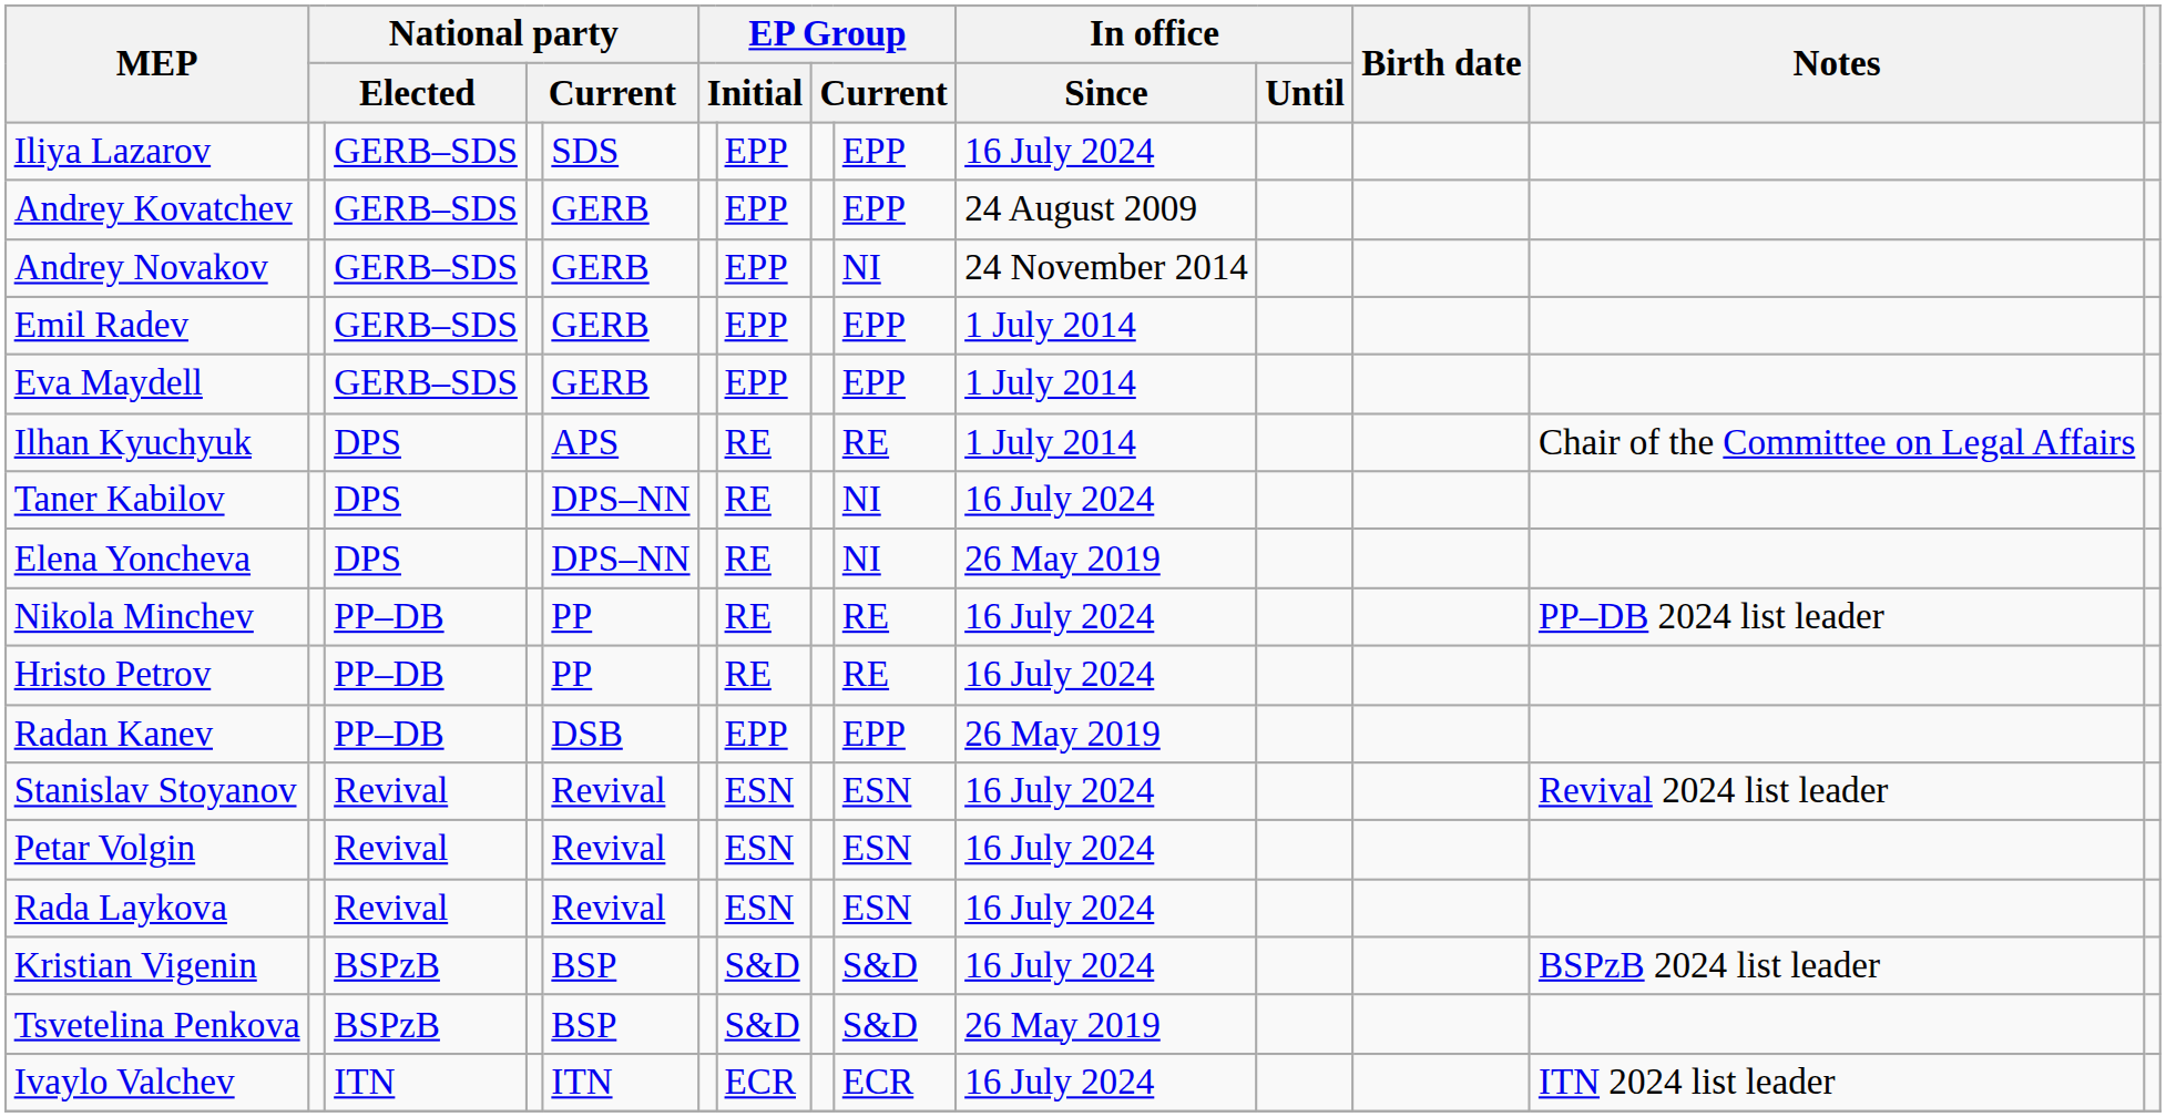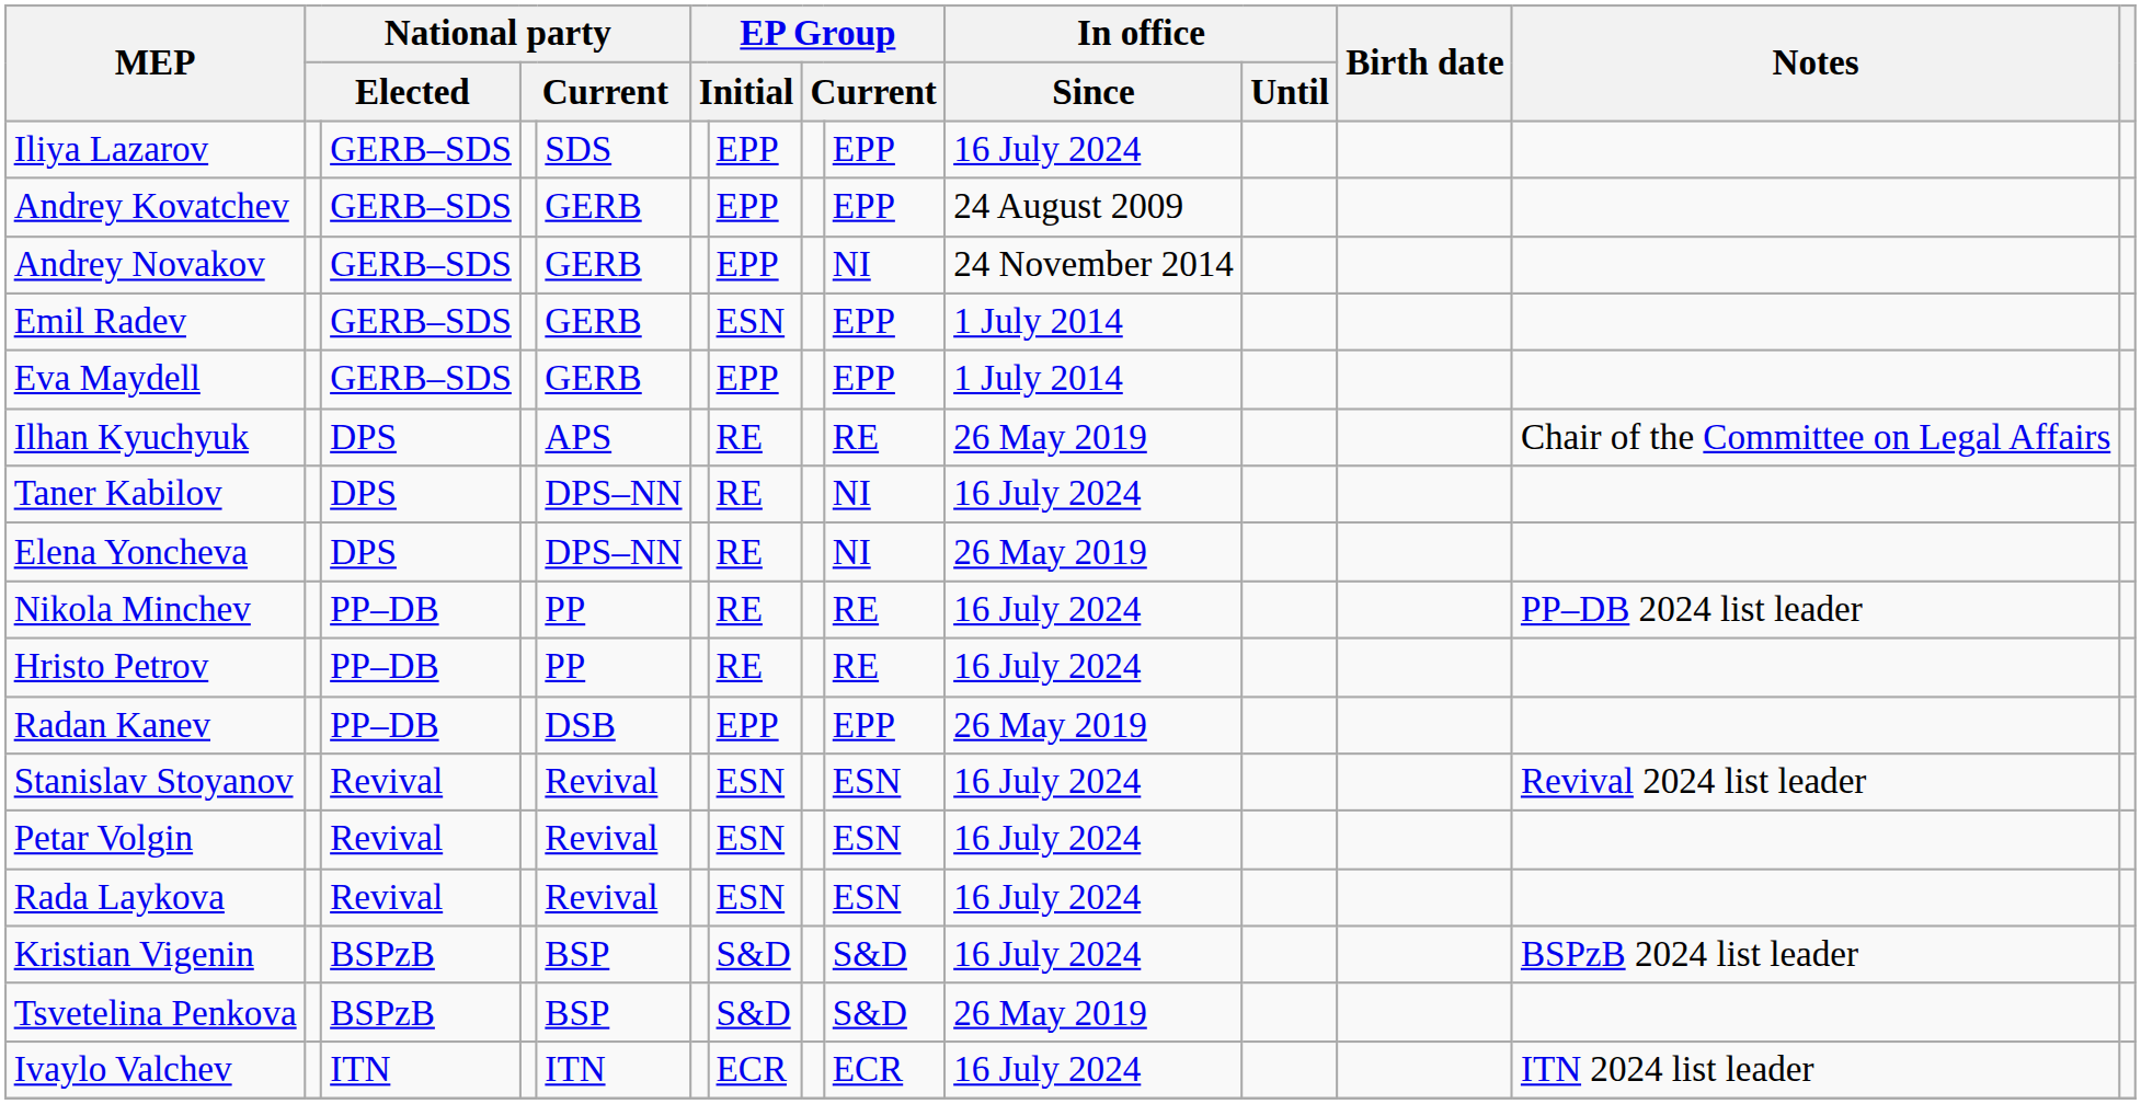 <table class="wikitable sortable" style="text-align:left">
 <tr>
 <th rowspan="2">MEP</th>
 <th colspan="4">National party</th>
 <th colspan="4"><a href='#'>EP Group</a></th>
 <th colspan="2">In office</th>
 <th rowspan="2">Birth date</th>
 <th rowspan="2">Notes</th>
 <th rowspan="2" class="unsortable"></th>
 </tr>
 <tr>
 <th colspan="2">Elected</th>
 <th colspan="2">Current</th>
 <th colspan="2">Initial</th>
 <th colspan="2">Current</th>
 <th>Since</th>
 <th>Until</th>
 </tr>
 <tr>
 <td><a href='#'>Iliya Lazarov</a></td>
 <td style="background: "></td>
 <td><a href='#'>GERB–SDS</a></td>
 <td style="background: "></td>
 <td><a href='#'>SDS</a></td>
 <td style="background: "></td>
 <td><a href='#'>EPP</a></td>
 <td style="background: "></td>
 <td><a href='#'>EPP</a></td>
 <td><a href='#'>16 July 2024</a></td>
 <td></td>
 <td></td>
 <td></td>
 <td></td>
 </tr>
 <tr>
 <td><a href='#'>Andrey Kovatchev</a></td>
 <td style="background: "></td>
 <td><a href='#'>GERB–SDS</a></td>
 <td style="background: "></td>
 <td><a href='#'>GERB</a></td>
 <td style="background: "></td>
 <td><a href='#'>EPP</a></td>
 <td style="background: "></td>
 <td><a href='#'>EPP</a></td>
 <td>24 August 2009</td>
 <td></td>
 <td></td>
 <td></td>
 <td></td>
 </tr>
 <tr>
 <td><a href='#'>Andrey Novakov</a></td>
 <td style="background: "></td>
 <td><a href='#'>GERB–SDS</a></td>
 <td style="background: "></td>
 <td><a href='#'>GERB</a></td>
 <td style="background: "></td>
 <td><a href='#'>EPP</a></td>
 <td style="background: "></td>
 <td><a href='#'>NI</a></td>
 <td>24 November 2014</td>
 <td></td>
 <td></td>
 <td></td>
 <td></td>
 </tr>
 <tr>
 <td><a href='#'>Emil Radev</a></td>
 <td style="background: "></td>
 <td><a href='#'>GERB–SDS</a></td>
 <td style="background: "></td>
 <td><a href='#'>GERB</a></td>
 <td style="background: "></td>
-<td><a href='#'>EPP</a></td>
+<td><a href='#'>ESN</a></td>
 <td style="background: "></td>
 <td><a href='#'>EPP</a></td>
 <td><a href='#'>1 July 2014</a></td>
 <td></td>
 <td></td>
 <td></td>
 <td></td>
 </tr>
 <tr>
 <td><a href='#'>Eva Maydell</a></td>
 <td style="background: "></td>
 <td><a href='#'>GERB–SDS</a></td>
 <td style="background: "></td>
 <td><a href='#'>GERB</a></td>
 <td style="background: "></td>
 <td><a href='#'>EPP</a></td>
 <td style="background: "></td>
 <td><a href='#'>EPP</a></td>
 <td><a href='#'>1 July 2014</a></td>
 <td></td>
 <td></td>
 <td></td>
 <td></td>
 </tr>
 <tr>
 <td><a href='#'>Ilhan Kyuchyuk</a></td>
 <td style="background: "></td>
 <td><a href='#'>DPS</a></td>
 <td style="background: "></td>
 <td><a href='#'>APS</a></td>
 <td style="background: "></td>
 <td><a href='#'>RE</a></td>
 <td style="background: "></td>
 <td><a href='#'>RE</a></td>
-<td><a href='#'>1 July 2014</a></td>
+<td><a href='#'>26 May 2019</a></td>
 <td></td>
 <td></td>
 <td>Chair of the <a href='#'>Committee on Legal Affairs</a></td>
 <td></td>
 </tr>
 <tr>
 <td><a href='#'>Taner Kabilov</a></td>
 <td style="background: "></td>
 <td><a href='#'>DPS</a></td>
 <td style="background: "></td>
 <td><a href='#'>DPS–NN</a></td>
 <td style="background: "></td>
 <td><a href='#'>RE</a></td>
 <td style="background: "></td>
 <td><a href='#'>NI</a></td>
 <td><a href='#'>16 July 2024</a></td>
 <td></td>
 <td></td>
 <td></td>
 <td></td>
 </tr>
 <tr>
 <td><a href='#'>Elena Yoncheva</a></td>
 <td style="background: "></td>
 <td><a href='#'>DPS</a></td>
 <td style="background: "></td>
 <td><a href='#'>DPS–NN</a></td>
 <td style="background: "></td>
 <td><a href='#'>RE</a></td>
 <td style="background: "></td>
 <td><a href='#'>NI</a></td>
 <td><a href='#'>26 May 2019</a></td>
 <td></td>
 <td></td>
 <td></td>
 <td></td>
 </tr>
 <tr>
 <td><a href='#'>Nikola Minchev</a></td>
 <td style="background: "></td>
 <td><a href='#'>PP–DB</a></td>
 <td style="background: "></td>
 <td><a href='#'>PP</a></td>
 <td style="background: "></td>
 <td><a href='#'>RE</a></td>
 <td style="background: "></td>
 <td><a href='#'>RE</a></td>
 <td><a href='#'>16 July 2024</a></td>
 <td></td>
 <td></td>
 <td><a href='#'>PP–DB</a> 2024 list leader</td>
 <td></td>
 </tr>
 <tr>
 <td><a href='#'>Hristo Petrov</a></td>
 <td style="background: "></td>
 <td><a href='#'>PP–DB</a></td>
 <td style="background: "></td>
 <td><a href='#'>PP</a></td>
 <td style="background: "></td>
 <td><a href='#'>RE</a></td>
 <td style="background: "></td>
 <td><a href='#'>RE</a></td>
 <td><a href='#'>16 July 2024</a></td>
 <td></td>
 <td></td>
 <td></td>
 <td></td>
 </tr>
 <tr>
 <td><a href='#'>Radan Kanev</a></td>
 <td style="background: "></td>
 <td><a href='#'>PP–DB</a></td>
 <td style="background:"></td>
 <td><a href='#'>DSB</a></td>
 <td style="background: "></td>
 <td><a href='#'>EPP</a></td>
 <td style="background: "></td>
 <td><a href='#'>EPP</a></td>
 <td><a href='#'>26 May 2019</a></td>
 <td></td>
 <td></td>
 <td></td>
 <td></td>
 </tr>
 <tr>
 <td><a href='#'>Stanislav Stoyanov</a></td>
 <td style="background: "></td>
 <td><a href='#'>Revival</a></td>
 <td style="background: "></td>
 <td><a href='#'>Revival</a></td>
 <td style="background: "></td>
 <td><a href='#'>ESN</a></td>
 <td style="background: "></td>
 <td><a href='#'>ESN</a></td>
 <td><a href='#'>16 July 2024</a></td>
 <td></td>
 <td></td>
 <td><a href='#'>Revival</a> 2024 list leader</td>
 <td></td>
 </tr>
 <tr>
 <td><a href='#'>Petar Volgin</a></td>
 <td style="background: "></td>
 <td><a href='#'>Revival</a></td>
 <td style="background: "></td>
 <td><a href='#'>Revival</a></td>
 <td style="background: "></td>
 <td><a href='#'>ESN</a></td>
 <td style="background: "></td>
 <td><a href='#'>ESN</a></td>
 <td><a href='#'>16 July 2024</a></td>
 <td></td>
 <td></td>
 <td></td>
 <td></td>
 </tr>
 <tr>
 <td><a href='#'>Rada Laykova</a></td>
 <td style="background: "></td>
 <td><a href='#'>Revival</a></td>
 <td style="background: "></td>
 <td><a href='#'>Revival</a></td>
 <td style="background: "></td>
 <td><a href='#'>ESN</a></td>
 <td style="background: "></td>
 <td><a href='#'>ESN</a></td>
 <td><a href='#'>16 July 2024</a></td>
 <td></td>
 <td></td>
 <td></td>
 <td></td>
 </tr>
 <tr>
 <td><a href='#'>Kristian Vigenin</a></td>
 <td style="background: "></td>
 <td><a href='#'>BSPzB</a></td>
 <td style="background: "></td>
 <td><a href='#'>BSP</a></td>
 <td style="background: "></td>
 <td><a href='#'>S&D</a></td>
 <td style="background: "></td>
 <td><a href='#'>S&D</a></td>
 <td><a href='#'>16 July 2024</a></td>
 <td></td>
 <td></td>
 <td><a href='#'>BSPzB</a> 2024 list leader</td>
 <td></td>
 </tr>
 <tr>
 <td><a href='#'>Tsvetelina Penkova</a></td>
 <td style="background: "></td>
 <td><a href='#'>BSPzB</a></td>
 <td style="background: "></td>
 <td><a href='#'>BSP</a></td>
 <td style="background: "></td>
 <td><a href='#'>S&D</a></td>
 <td style="background: "></td>
 <td><a href='#'>S&D</a></td>
 <td><a href='#'>26 May 2019</a></td>
 <td></td>
 <td></td>
 <td></td>
 <td></td>
 </tr>
 <tr>
 <td><a href='#'>Ivaylo Valchev</a></td>
 <td style="background: "></td>
 <td><a href='#'>ITN</a></td>
 <td style="background: "></td>
 <td><a href='#'>ITN</a></td>
 <td style="background: "></td>
 <td><a href='#'>ECR</a></td>
 <td style="background: "></td>
 <td><a href='#'>ECR</a></td>
 <td><a href='#'>16 July 2024</a></td>
 <td></td>
 <td></td>
 <td><a href='#'>ITN</a> 2024 list leader</td>
 <td></td>
 </tr>
 <tr>
 </tr>
 </table>
